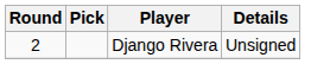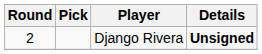 <table class="wikitable sortable sortable">
 <tr>
 <th>Round</th>
 <th>Pick</th>
 <th>Player</th>
 <th>Details</th>
 </tr>
 <tr style="text-align: center">
 <td>2</td>
 <td></td>
 <td>Django Rivera</td>
-<td>Unsigned</td>
+<td><strong>Unsigned</strong></td>
 </tr>
 <tr>
 </tr>
 </table>
